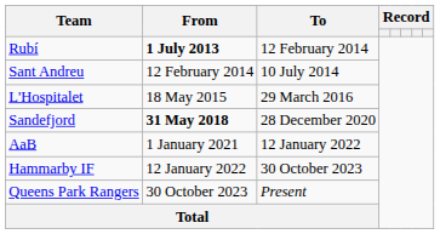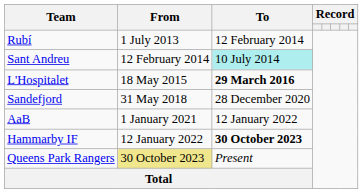 <table class=wikitable style="text-align:center">
 <tr>
 <th rowspan=2>Team</th>
 <th rowspan=2>From</th>
 <th rowspan=2>To</th>
 <th colspan=5>Record</th>
 </tr>
 <tr>
 <th></th>
 <th></th>
 <th></th>
 <th></th>
 <th></th>
 </tr>
 <tr>
 <td align=left><a href='#'>Rubí</a></td>
-<td align=left><strong>1 July 2013</strong></td>
+<td align=left>1 July 2013</td>
 <td align=left>12 February 2014<br></td>
 </tr>
 <tr>
 <td align=left><a href='#'>Sant Andreu</a></td>
 <td align=left>12 February 2014</td>
-<td align=left>10 July 2014<br></td>
+<td align=left style="background: paleturquoise;">10 July 2014<br></td>
 </tr>
 <tr>
 <td align=left><a href='#'>L'Hospitalet</a></td>
 <td align=left>18 May 2015</td>
-<td align=left>29 March 2016<br></td>
+<td align=left><strong>29 March 2016<br></strong></td>
 </tr>
 <tr>
 <td align=left><a href='#'>Sandefjord</a></td>
-<td align=left><strong>31 May 2018</strong></td>
+<td align=left>31 May 2018</td>
 <td align=left>28 December 2020<br></td>
 </tr>
 <tr>
 <td align=left><a href='#'>AaB</a></td>
 <td align=left>1 January 2021</td>
 <td align=left>12 January 2022<br></td>
 </tr>
 <tr>
 <td align=left><a href='#'>Hammarby IF</a></td>
 <td align=left>12 January 2022</td>
-<td align=left>30 October 2023<br></td>
+<td align=left><strong>30 October 2023<br></strong></td>
 </tr>
 <tr>
 <td align=left><a href='#'>Queens Park Rangers</a></td>
-<td align=left>30 October 2023</td>
+<td align=left style="background: khaki;">30 October 2023</td>
 <td align=left><em>Present</em><br></td>
 </tr>
 <tr>
 <th colspan=3>Total<br></th>
 </tr>
 </table>
